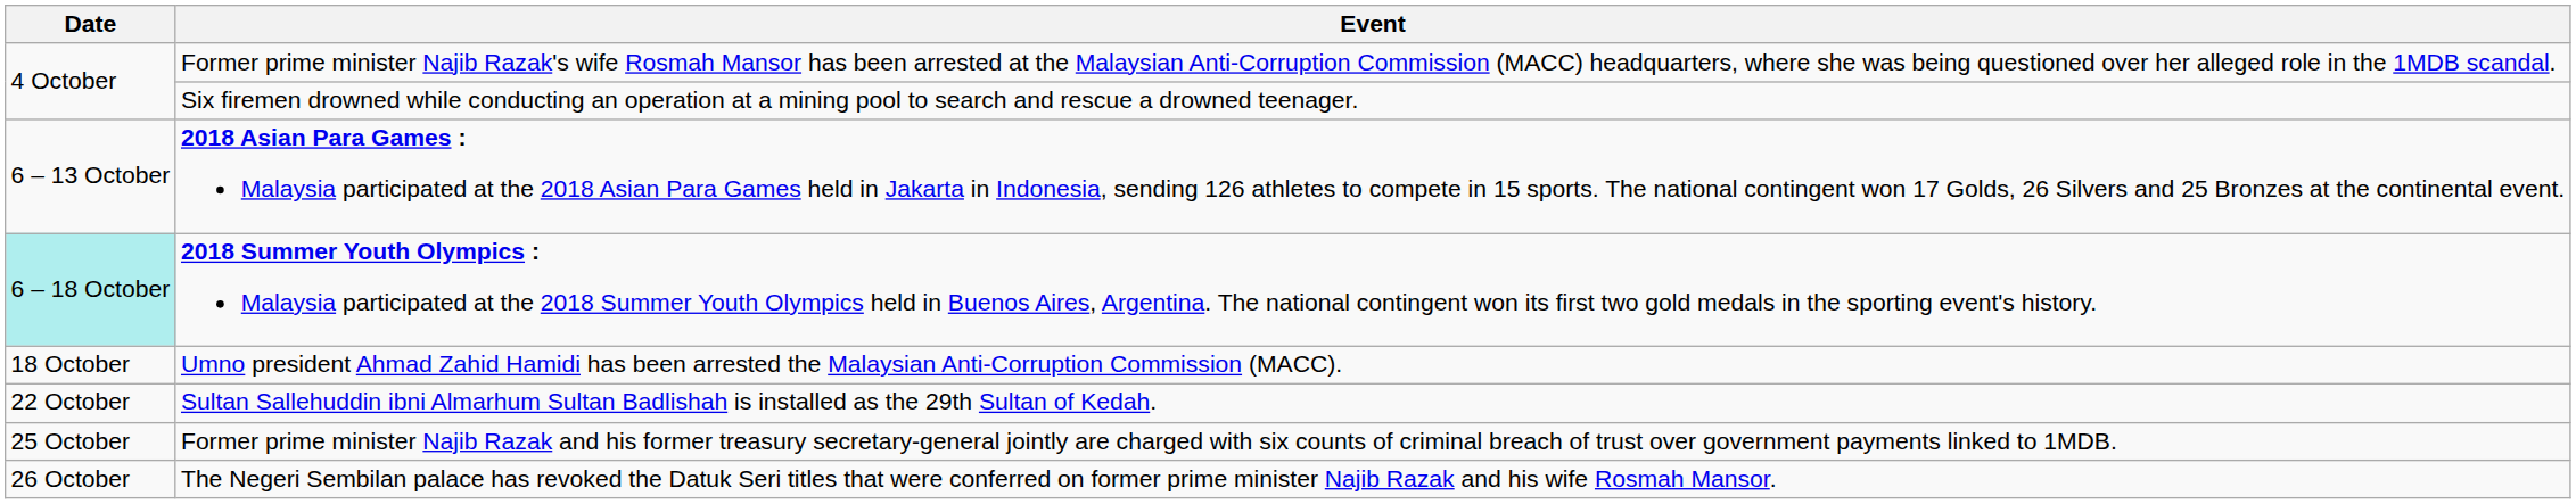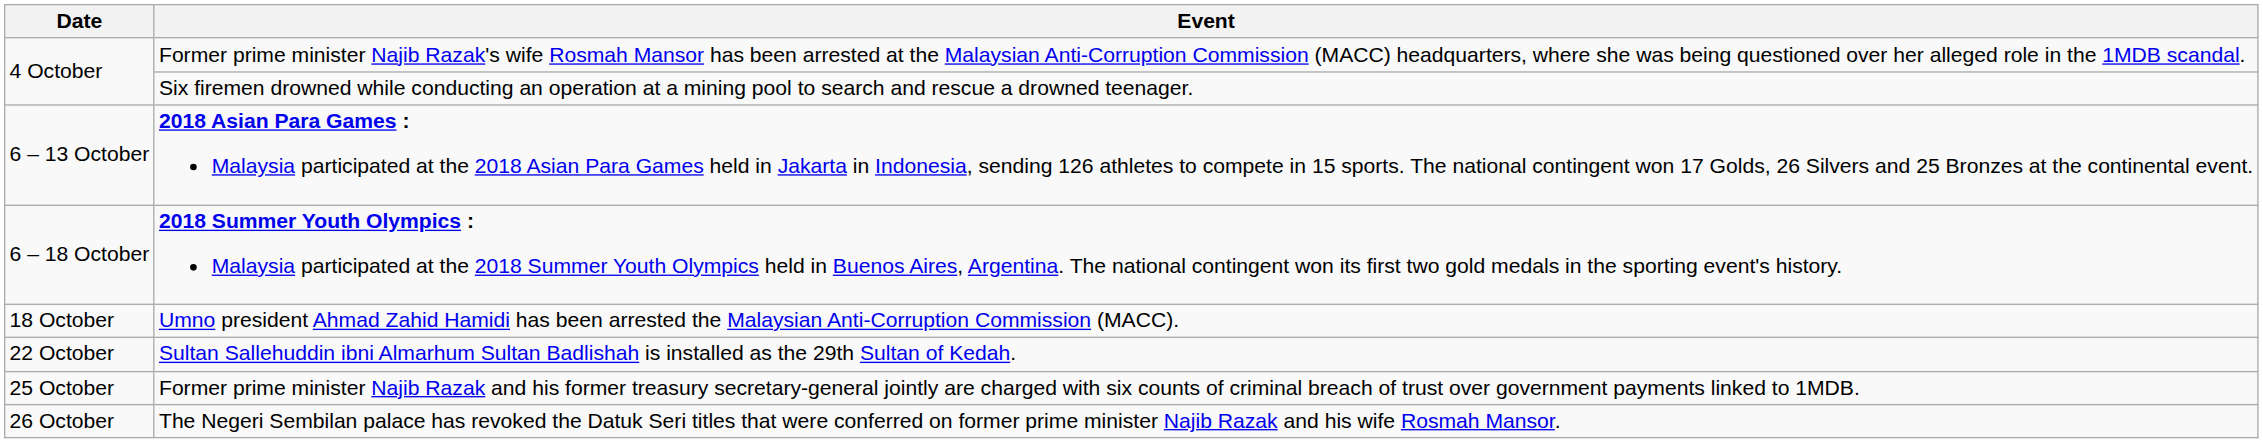 <table class="wikitable">
 <tr>
 <th>Date</th>
 <th>Event</th>
 </tr>
 <tr>
 <td rowspan="2">4 October</td>
 <td>Former prime minister <a href='#'>Najib Razak</a>'s wife <a href='#'>Rosmah Mansor</a> has been arrested at the <a href='#'>Malaysian Anti-Corruption Commission</a> (MACC) headquarters, where she was being questioned over her alleged role in the <a href='#'>1MDB scandal</a>.</td>
 </tr>
 <tr>
 <td>Six firemen drowned while conducting an operation at a mining pool to search and rescue a drowned teenager.</td>
 </tr>
 <tr>
 <td>6 – 13 October</td>
 <td><strong><a href='#'>2018 Asian Para Games</a> :</strong><br><ul><li><a href='#'>Malaysia</a> participated at the <a href='#'>2018 Asian Para Games</a> held in <a href='#'>Jakarta</a> in <a href='#'>Indonesia</a>, sending 126 athletes to compete in 15 sports. The national contingent won 17 Golds, 26 Silvers and 25 Bronzes at the continental event.</li></ul></td>
 </tr>
 <tr>
-<td style="background: paleturquoise;">6 – 18 October</td>
+<td>6 – 18 October</td>
 <td><strong><a href='#'>2018 Summer Youth Olympics</a> :</strong><br><ul><li><a href='#'>Malaysia</a> participated at the <a href='#'>2018 Summer Youth Olympics</a> held in <a href='#'>Buenos Aires</a>, <a href='#'>Argentina</a>. The national contingent won its first two gold medals in the sporting event's history.</li></ul></td>
 </tr>
 <tr>
 <td>18 October</td>
 <td><a href='#'>Umno</a> president <a href='#'>Ahmad Zahid Hamidi</a> has been arrested the <a href='#'>Malaysian Anti-Corruption Commission</a> (MACC).</td>
 </tr>
 <tr>
 <td>22 October</td>
 <td><a href='#'>Sultan Sallehuddin ibni Almarhum Sultan Badlishah</a> is installed as the 29th <a href='#'>Sultan of Kedah</a>.</td>
 </tr>
 <tr>
 <td>25 October</td>
 <td>Former prime minister <a href='#'>Najib Razak</a> and his former treasury secretary-general jointly are charged with six counts of criminal breach of trust over government payments linked to 1MDB.</td>
 </tr>
 <tr>
 <td>26 October</td>
 <td>The Negeri Sembilan palace has revoked the Datuk Seri titles that were conferred on former prime minister <a href='#'>Najib Razak</a> and his wife <a href='#'>Rosmah Mansor</a>.</td>
 </tr>
 </table>
